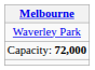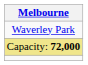 <table class="wikitable" style="text-align:center">
 <tr>
 <th><a href='#'>Melbourne</a></th>
 </tr>
 <tr>
 <td><a href='#'>Waverley Park</a></td>
 </tr>
 <tr>
-<td>Capacity: <strong>72,000</strong></td>
+<td style="background: khaki;">Capacity: <strong>72,000</strong></td>
 </tr>
 <tr>
 <td></td>
 </tr>
 </table>
